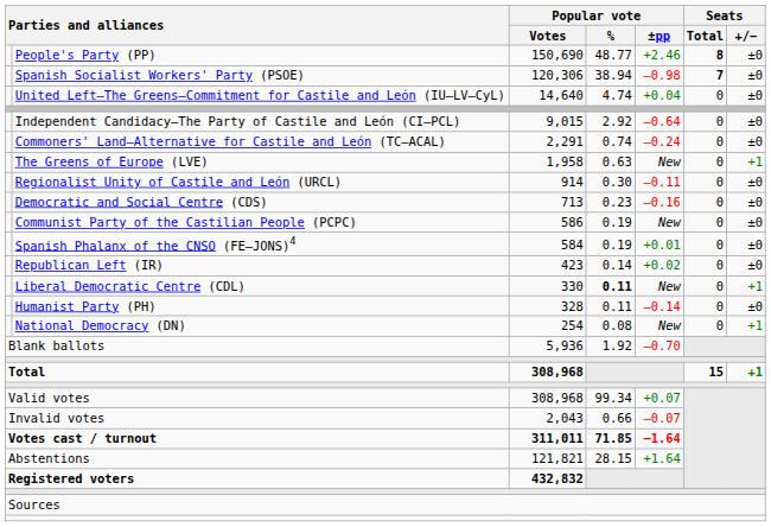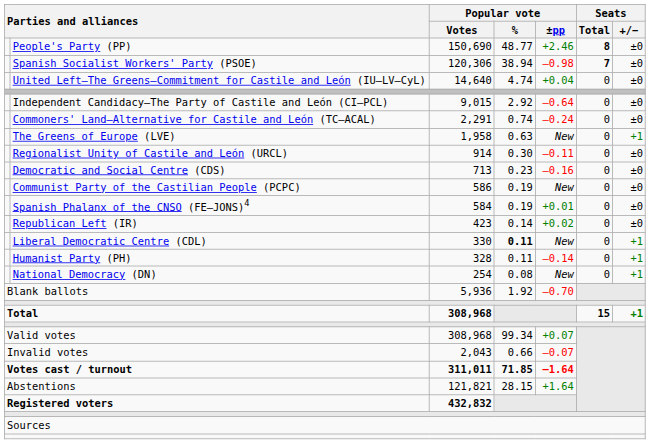 <table class="wikitable" style="text-align:right;">
 <tr>
 <th style="text-align:left;" rowspan="2" colspan="2" width="525">Parties and alliances</th>
 <th colspan="3">Popular vote</th>
 <th colspan="2">Seats</th>
 </tr>
 <tr>
 <th width="75">Votes</th>
 <th width="45">%</th>
 <th width="45">±<a href='#'>pp</a></th>
 <th width="35">Total</th>
 <th width="35">+/−</th>
 </tr>
 <tr>
 <td width="1" style="color:inherit;background:"></td>
 <td align="left"><a href='#'>People's Party</a> (PP)</td>
 <td>150,690</td>
 <td>48.77</td>
 <td style="color:green;">+2.46</td>
 <td><strong>8</strong></td>
 <td>±0</td>
 </tr>
 <tr>
 <td style="color:inherit;background:"></td>
 <td align="left"><a href='#'>Spanish Socialist Workers' Party</a> (PSOE)</td>
 <td>120,306</td>
 <td>38.94</td>
 <td style="color:red;">–0.98</td>
 <td><strong>7</strong></td>
 <td>±0</td>
 </tr>
 <tr>
 <td style="color:inherit;background:"></td>
 <td align="left"><a href='#'>United Left–The Greens–Commitment for Castile and León</a> (IU–LV–CyL)</td>
 <td>14,640</td>
 <td>4.74</td>
 <td style="color:green;">+0.04</td>
 <td>0</td>
 <td>±0</td>
 </tr>
 <tr>
 <td colspan="7" bgcolor="#C0C0C0"></td>
 </tr>
 <tr>
 <td style="color:inherit;background:"></td>
 <td align="left">Independent Candidacy–The Party of Castile and León (CI–PCL)</td>
 <td>9,015</td>
 <td>2.92</td>
 <td style="color:red;">–0.64</td>
 <td>0</td>
 <td>±0</td>
 </tr>
 <tr>
 <td style="color:inherit;background:"></td>
 <td align="left"><a href='#'>Commoners' Land–Alternative for Castile and León</a> (TC–ACAL)</td>
 <td>2,291</td>
 <td>0.74</td>
 <td style="color:red;">–0.24</td>
 <td>0</td>
 <td>±0</td>
 </tr>
 <tr>
 <td style="color:inherit;background:"></td>
 <td align="left"><a href='#'>The Greens of Europe</a> (LVE)</td>
 <td>1,958</td>
 <td>0.63</td>
 <td><em>New</em></td>
 <td>0</td>
 <td style="color:green;">+1</td>
 </tr>
 <tr>
 <td style="color:inherit;background:"></td>
 <td align="left"><a href='#'>Regionalist Unity of Castile and León</a> (URCL)</td>
 <td>914</td>
 <td>0.30</td>
 <td style="color:red;">–0.11</td>
 <td>0</td>
 <td>±0</td>
 </tr>
 <tr>
 <td style="color:inherit;background:"></td>
 <td align="left"><a href='#'>Democratic and Social Centre</a> (CDS)</td>
 <td>713</td>
 <td>0.23</td>
 <td style="color:red;">–0.16</td>
 <td>0</td>
 <td>±0</td>
 </tr>
 <tr>
 <td style="color:inherit;background:"></td>
 <td align="left"><a href='#'>Communist Party of the Castilian People</a> (PCPC)</td>
 <td>586</td>
 <td>0.19</td>
 <td><em>New</em></td>
 <td>0</td>
 <td>±0</td>
 </tr>
 <tr>
 <td style="color:inherit;background:"></td>
 <td align="left"><a href='#'>Spanish Phalanx of the CNSO</a> (FE–JONS)<sup>4</sup></td>
 <td>584</td>
 <td>0.19</td>
 <td style="color:green;">+0.01</td>
 <td>0</td>
 <td>±0</td>
 </tr>
 <tr>
 <td style="color:inherit;background:"></td>
 <td align="left"><a href='#'>Republican Left</a> (IR)</td>
 <td>423</td>
 <td>0.14</td>
 <td style="color:green;">+0.02</td>
 <td>0</td>
 <td>±0</td>
 </tr>
 <tr>
 <td style="color:inherit;background:"></td>
 <td align="left"><a href='#'>Liberal Democratic Centre</a> (CDL)</td>
 <td>330</td>
 <td><strong>0.11</strong></td>
 <td><em>New</em></td>
 <td>0</td>
 <td style="color:green;">+1</td>
 </tr>
 <tr>
 <td style="color:inherit;background:"></td>
 <td align="left"><a href='#'>Humanist Party</a> (PH)</td>
 <td>328</td>
 <td>0.11</td>
 <td style="color:red;">–0.14</td>
 <td>0</td>
-<td>±0</td>
+<td style="color:green;">+1</td>
 </tr>
 <tr>
 <td style="color:inherit;background:"></td>
 <td align="left"><a href='#'>National Democracy</a> (DN)</td>
 <td>254</td>
 <td>0.08</td>
 <td><em>New</em></td>
 <td>0</td>
 <td style="color:green;">+1</td>
 </tr>
 <tr>
 <td align="left" colspan="2">Blank ballots</td>
 <td>5,936</td>
 <td>1.92</td>
 <td style="color:red;">–0.70</td>
 <td bgcolor="#E9E9E9" colspan="2"></td>
 </tr>
 <tr>
 <td colspan="7" bgcolor="#E9E9E9"></td>
 </tr>
 <tr style="font-weight:bold;">
 <td align="left" colspan="2">Total</td>
 <td>308,968</td>
 <td bgcolor="#E9E9E9" colspan="2"></td>
 <td>15</td>
 <td style="color:green;">+1</td>
 </tr>
 <tr>
 <td colspan="7" bgcolor="#E9E9E9"></td>
 </tr>
 <tr>
 <td align="left" colspan="2">Valid votes</td>
 <td>308,968</td>
 <td>99.34</td>
 <td style="color:green;">+0.07</td>
 <td bgcolor="#E9E9E9" colspan="2" rowspan="5"></td>
 </tr>
 <tr>
 <td align="left" colspan="2">Invalid votes</td>
 <td>2,043</td>
 <td>0.66</td>
 <td style="color:red;">–0.07</td>
 </tr>
 <tr style="font-weight:bold;">
 <td align="left" colspan="2">Votes cast / turnout</td>
 <td>311,011</td>
 <td>71.85</td>
 <td style="color:red;">–1.64</td>
 </tr>
 <tr>
 <td align="left" colspan="2">Abstentions</td>
 <td>121,821</td>
 <td>28.15</td>
 <td style="color:green;">+1.64</td>
 </tr>
 <tr style="font-weight:bold;">
 <td align="left" colspan="2">Registered voters</td>
 <td>432,832</td>
 <td bgcolor="#E9E9E9" colspan="2"></td>
 </tr>
 <tr>
 <td colspan="7" bgcolor="#E9E9E9"></td>
 </tr>
 <tr>
 <td align="left" colspan="7">Sources</td>
 </tr>
 <tr>
 <td colspan="7" style="text-align:left; max-width:790px;"></td>
 </tr>
 </table>
